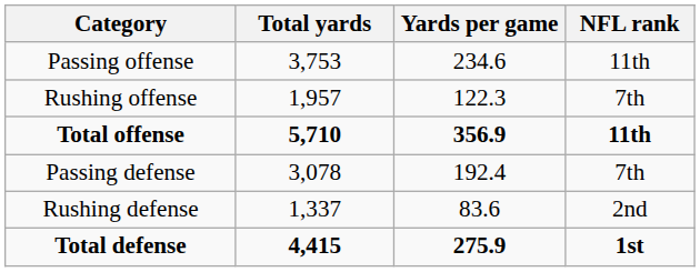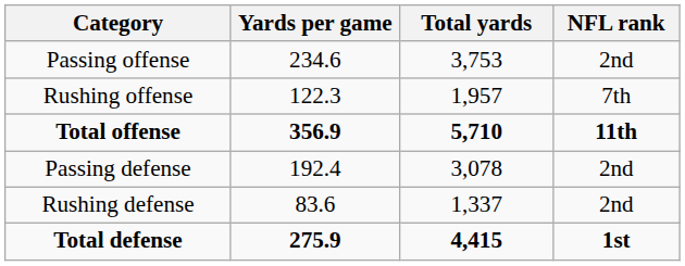 <table class="wikitable" style="text-align:center">
 <tr>
 <th width=150px>Category</th>
+<th width=110px>Yards per game</th>
 <th width=100px>Total yards</th>
-<th width=110px>Yards per game</th>
 <th width=80px>NFL rank<br></th>
 </tr>
 <tr>
 <td>Passing offense</td>
+<td>234.6</td>
 <td>3,753</td>
-<td>234.6</td>
-<td>11th</td>
+<td>2nd</td>
 </tr>
 <tr>
 <td>Rushing offense</td>
+<td>122.3</td>
 <td>1,957</td>
-<td>122.3</td>
 <td>7th</td>
 </tr>
 <tr>
 <td><strong>Total offense</strong></td>
+<td><strong>356.9</strong></td>
 <td><strong>5,710</strong></td>
-<td><strong>356.9</strong></td>
 <td><strong>11th</strong></td>
 </tr>
 <tr>
 <td>Passing defense</td>
+<td>192.4</td>
 <td>3,078</td>
-<td>192.4</td>
-<td>7th</td>
+<td>2nd</td>
 </tr>
 <tr>
 <td>Rushing defense</td>
+<td>83.6</td>
 <td>1,337</td>
-<td>83.6</td>
 <td>2nd</td>
 </tr>
 <tr>
 <td><strong>Total defense</strong></td>
+<td><strong>275.9</strong></td>
 <td><strong>4,415</strong></td>
-<td><strong>275.9</strong></td>
 <td><strong>1st</strong></td>
 </tr>
 </table>
